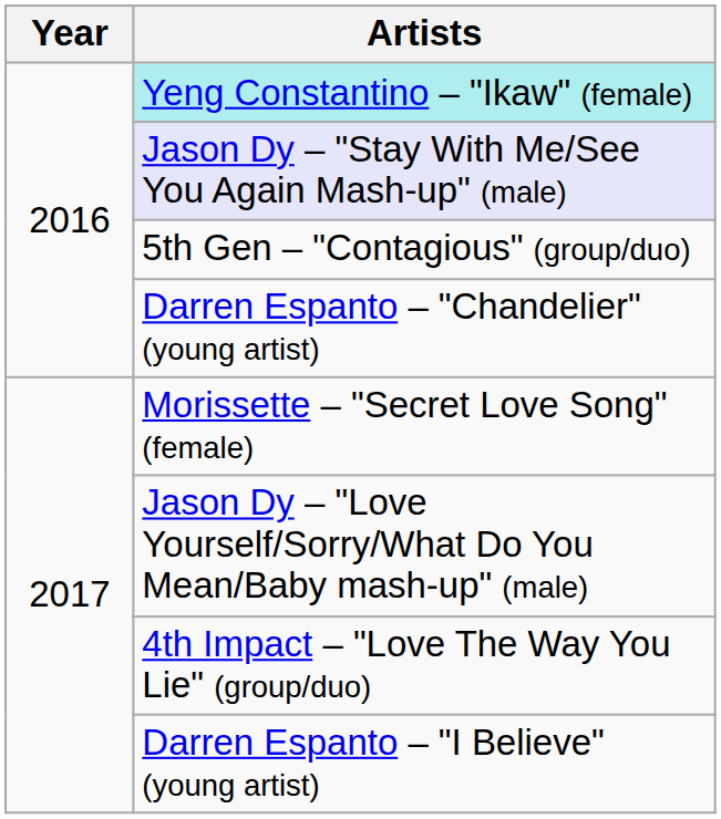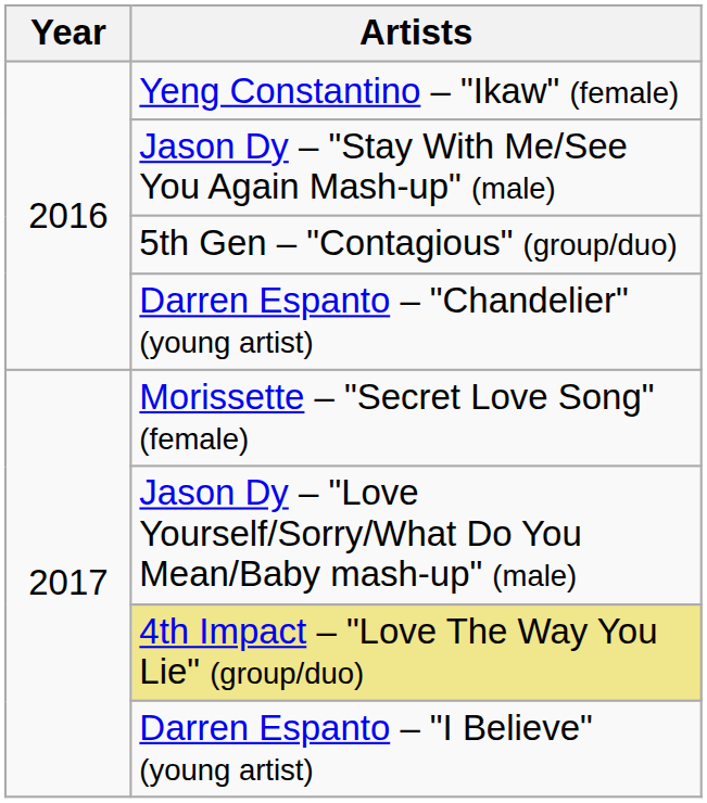 <table class="wikitable sortable"  style="width:50%;">
 <tr>
 <th width=5%  scope="col">Year</th>
 <th ! width=40%  scope="col">Artists</th>
 </tr>
 <tr>
 <td rowspan=4  align="center">2016</td>
-<td style="background: paleturquoise;"><a href='#'>Yeng Constantino</a> – "Ikaw"  <small>(female)</small></td>
+<td><a href='#'>Yeng Constantino</a> – "Ikaw"  <small>(female)</small></td>
 </tr>
 <tr>
-<td style="background: lavender;"><a href='#'>Jason Dy</a> – "Stay With Me/See You Again Mash-up"  <small>(male)</small></td>
+<td><a href='#'>Jason Dy</a> – "Stay With Me/See You Again Mash-up"  <small>(male)</small></td>
 </tr>
 <tr>
 <td>5th Gen – "Contagious" <small>(group/duo)</small></td>
 </tr>
 <tr>
 <td><a href='#'>Darren Espanto</a> – "Chandelier"  <small>(young artist)</small></td>
 </tr>
 <tr>
 <td rowspan=4  align="center">2017</td>
 <td><a href='#'>Morissette</a> – "Secret Love Song"  <small>(female)</small></td>
 </tr>
 <tr>
 <td><a href='#'>Jason Dy</a> – "Love Yourself/Sorry/What Do You Mean/Baby mash-up"  <small>(male)</small></td>
 </tr>
 <tr>
-<td><a href='#'>4th Impact</a> – "Love The Way You Lie" <small>(group/duo)</small></td>
+<td style="background: khaki;"><a href='#'>4th Impact</a> – "Love The Way You Lie" <small>(group/duo)</small></td>
 </tr>
 <tr>
 <td><a href='#'>Darren Espanto</a> – "I Believe"  <small>(young artist)</small></td>
 </tr>
 </table>
